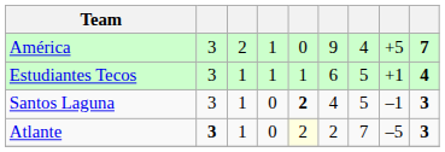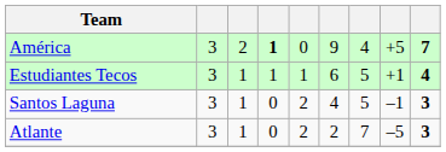 <table class="wikitable" style="text-align: center;">
 <tr>
 <th width=165>Team</th>
 <th width=20></th>
 <th width=20></th>
 <th width=20></th>
 <th width=20></th>
 <th width=20></th>
 <th width=20></th>
 <th width=20></th>
 <th width=20></th>
 </tr>
 <tr bgcolor="#ccffcc">
 <td align="left"><a href='#'>América</a></td>
 <td>3</td>
 <td>2</td>
-<td>1</td>
+<td><strong>1</strong></td>
 <td>0</td>
 <td>9</td>
 <td>4</td>
 <td>+5</td>
 <td><strong>7</strong></td>
 </tr>
 <tr bgcolor="#ccffcc">
 <td align="left"><a href='#'>Estudiantes Tecos</a></td>
 <td>3</td>
 <td>1</td>
 <td>1</td>
 <td>1</td>
 <td>6</td>
 <td>5</td>
 <td>+1</td>
 <td><strong>4</strong></td>
 </tr>
 <tr>
 <td align="left"><a href='#'>Santos Laguna</a></td>
 <td>3</td>
 <td>1</td>
 <td>0</td>
-<td><strong>2</strong></td>
+<td>2</td>
 <td>4</td>
 <td>5</td>
 <td>–1</td>
 <td><strong>3</strong></td>
 </tr>
 <tr>
 <td align="left"><a href='#'>Atlante</a></td>
-<td><strong>3</strong></td>
+<td>3</td>
 <td>1</td>
 <td>0</td>
-<td style="background: lightyellow;">2</td>
+<td>2</td>
 <td>2</td>
 <td>7</td>
 <td>–5</td>
 <td><strong>3</strong></td>
 </tr>
 <tr>
 </tr>
 </table>
